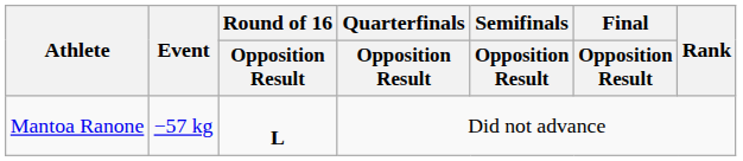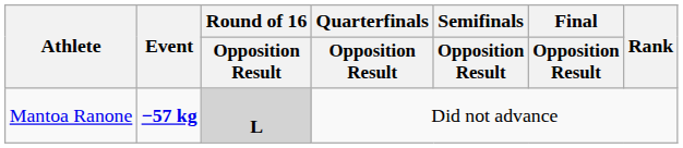 <table class="wikitable" style="font-size:90%;">
 <tr>
 <th rowspan=2>Athlete</th>
 <th rowspan=2>Event</th>
 <th>Round of 16</th>
 <th>Quarterfinals</th>
 <th>Semifinals</th>
 <th>Final</th>
 <th rowspan=2>Rank</th>
 </tr>
 <tr style="font-size:95%">
 <th>Opposition<br>Result</th>
 <th>Opposition<br>Result</th>
 <th>Opposition<br>Result</th>
 <th>Opposition<br>Result</th>
 </tr>
 <tr align=center>
 <td align=left><a href='#'>Mantoa Ranone</a></td>
-<td align=left><a href='#'>−57 kg</a></td>
-<td><br><strong>L</strong> </td>
+<td align=left><strong><a href='#'>−57 kg</a></strong></td>
+<td style="background: lightgrey;"><br><strong>L</strong> </td>
 <td colspan=4>Did not advance</td>
 </tr>
 </table>
